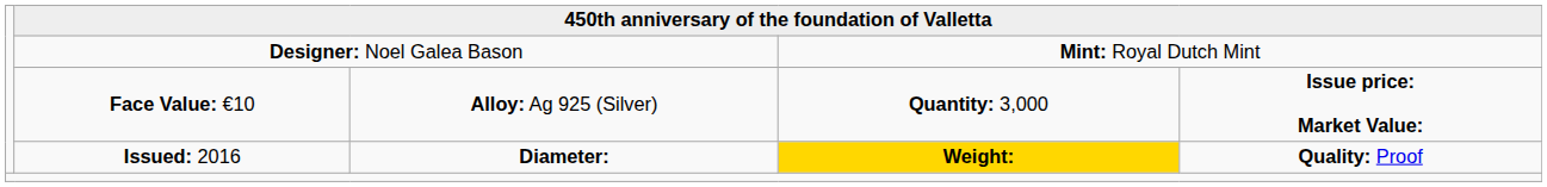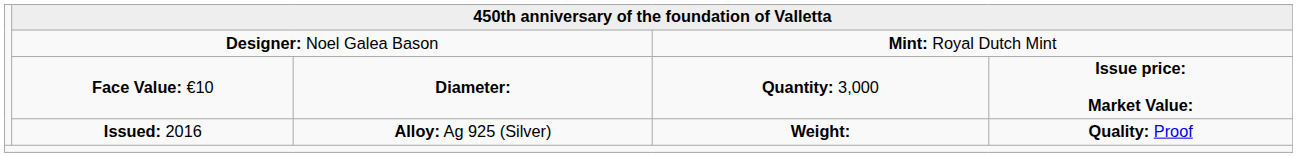 <table class="wikitable" width=100%>
 <tr>
 <td rowspan=4 width="330px" nowrap align=center></td>
 <th colspan="4" align=center style="background:#eeeeee;">450th anniversary of the foundation of Valletta</th>
 </tr>
 <tr>
 <td colspan="2" width="50%" align=center><strong>Designer:</strong> Noel Galea Bason</td>
 <td colspan="2" width="50%" align=center><strong>Mint:</strong> Royal Dutch Mint</td>
 </tr>
 <tr>
 <td align=center><strong>Face Value:</strong> €10</td>
-<td align=center><strong>Alloy:</strong> Ag 925 (Silver)</td>
+<td align=center><strong>Diameter:</strong> </td>
 <td align=center><strong>Quantity:</strong> 3,000</td>
 <td align=center><strong>Issue price:</strong><br><br> <strong>Market Value:</strong></td>
 </tr>
 <tr>
 <td align=center><strong>Issued:</strong> 2016</td>
-<td align=center><strong>Diameter:</strong> </td>
-<td align=center style="background: gold;"><strong>Weight:</strong> </td>
+<td align=center><strong>Alloy:</strong> Ag 925 (Silver)</td>
+<td align=center><strong>Weight:</strong> </td>
 <td align=center><strong>Quality:</strong> <a href='#'>Proof</a></td>
 </tr>
 <tr>
 <td colspan="5" align=left></td>
 </tr>
 </table>
